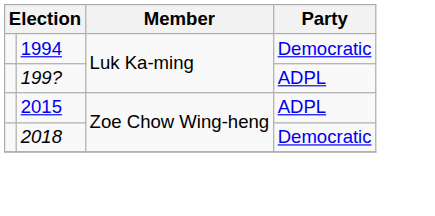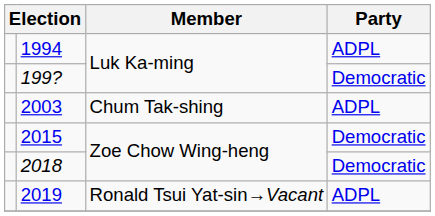 <table class="wikitable">
 <tr>
 <th colspan="2">Election</th>
 <th>Member</th>
 <th>Party</th>
 </tr>
 <tr>
 <td style="background-color:"></td>
 <td><a href='#'>1994</a></td>
 <td rowspan=2>Luk Ka-ming</td>
+<td><a href='#'>ADPL</a></td>
+</tr>
+<tr>
+<td style="background-color:"></td>
+<td><em>199?</em></td>
 <td><a href='#'>Democratic</a></td>
 </tr>
 <tr>
 <td style="background-color:"></td>
-<td><em>199?</em></td>
+<td><a href='#'>2003</a></td>
+<td>Chum Tak-shing</td>
 <td><a href='#'>ADPL</a></td>
 </tr>
 <tr>
 <td style="background-color:"></td>
 <td><a href='#'>2015</a></td>
 <td rowspan=2>Zoe Chow Wing-heng</td>
-<td><a href='#'>ADPL</a></td>
+<td><a href='#'>Democratic</a></td>
 </tr>
 <tr>
 <td style="background-color:"></td>
 <td><em>2018</em></td>
 <td><a href='#'>Democratic</a></td>
 </tr>
 <tr>
+<td style="background-color:"></td>
+<td><a href='#'>2019</a></td>
+<td>Ronald Tsui Yat-sin→<em>Vacant</em></td>
+<td><a href='#'>ADPL</a></td>
+</tr>
+<tr>
 </tr>
 </table>
